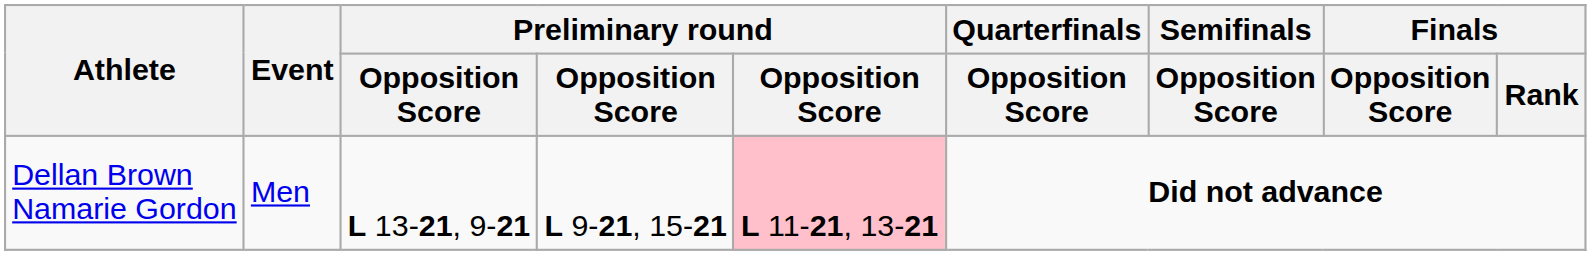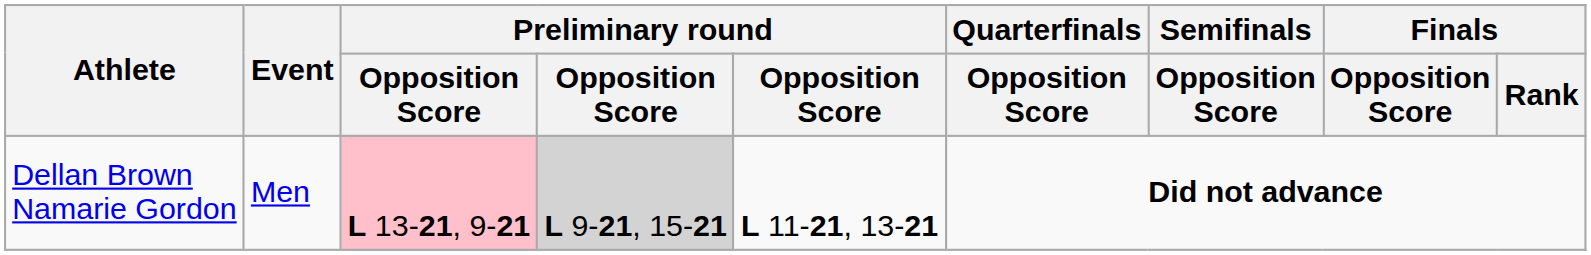 <table class="wikitable" border="1" style="font-size:90%">
 <tr>
 <th rowspan=2>Athlete</th>
 <th rowspan=2>Event</th>
 <th colspan=3>Preliminary round</th>
 <th>Quarterfinals</th>
 <th>Semifinals</th>
 <th colspan=2>Finals</th>
 </tr>
 <tr>
 <th>Opposition<br>Score</th>
 <th>Opposition<br>Score</th>
 <th>Opposition<br>Score</th>
 <th>Opposition<br>Score</th>
 <th>Opposition<br>Score</th>
 <th>Opposition<br>Score</th>
 <th>Rank</th>
 </tr>
 <tr>
 <td><a href='#'>Dellan Brown</a><br><a href='#'>Namarie Gordon</a></td>
 <td><a href='#'>Men</a></td>
-<td><br><br><strong>L</strong> 13-<strong>21</strong>, 9-<strong>21</strong></td>
-<td><br><br><strong>L</strong> 9-<strong>21</strong>, 15-<strong>21</strong></td>
-<td style="background: pink;"><br><br><strong>L</strong> 11-<strong>21</strong>, 13-<strong>21</strong></td>
+<td style="background: pink;"><br><br><strong>L</strong> 13-<strong>21</strong>, 9-<strong>21</strong></td>
+<td style="background: lightgrey;"><br><br><strong>L</strong> 9-<strong>21</strong>, 15-<strong>21</strong></td>
+<td><br><br><strong>L</strong> 11-<strong>21</strong>, 13-<strong>21</strong></td>
 <td align="center" colspan="7"><strong>Did not advance</strong></td>
 </tr>
 </table>
